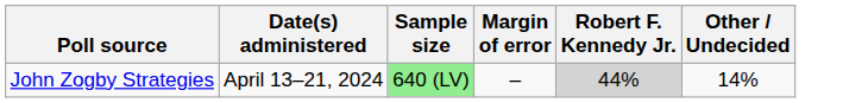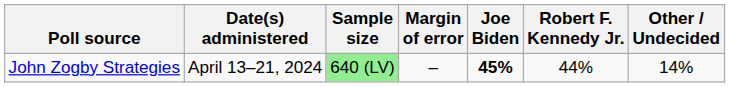 <table class="wikitable sortable mw-datatable" style="font-size:90%;text-align:center;line-height:17px">
 <tr valign=bottom>
 <th>Poll source</th>
 <th>Date(s)<br>administered</th>
 <th>Sample<br>size</th>
 <th>Margin<br>of error</th>
+<th class="unsortable">Joe<br>Biden<br></th>
 <th class="unsortable">Robert F.<br>Kennedy Jr.<br></th>
 <th class="unsortable">Other /<br>Undecided</th>
 </tr>
 <tr>
 <td style="text-align:left;"><a href='#'>John Zogby Strategies</a></td>
 <td data-sort-value="2024-05-01">April 13–21, 2024</td>
 <td style="background: lightgreen;">640 (LV)</td>
 <td>–</td>
-<td style="background: lightgrey;">44%</td>
+<td style="color:black;background-color:"><strong>45%</strong></td>
+<td>44%</td>
 <td>14%</td>
 </tr>
 </table>
